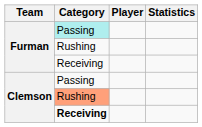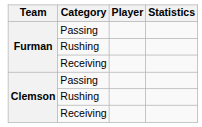 <table class="wikitable" style="float:right">
 <tr>
 <th>Team</th>
 <th>Category</th>
 <th>Player</th>
 <th>Statistics</th>
 </tr>
 <tr>
 <th rowspan=3>Furman</th>
-<td style="background: paleturquoise;">Passing</td>
+<td>Passing</td>
 <td></td>
 <td></td>
 </tr>
 <tr>
 <td>Rushing</td>
 <td></td>
 <td></td>
 </tr>
 <tr>
 <td>Receiving</td>
 <td></td>
 <td></td>
 </tr>
 <tr>
 <th rowspan=3>Clemson</th>
 <td>Passing</td>
 <td></td>
 <td></td>
 </tr>
 <tr>
-<td style="background: lightsalmon;">Rushing</td>
+<td>Rushing</td>
 <td></td>
 <td></td>
 </tr>
 <tr>
-<td><strong>Receiving</strong></td>
+<td>Receiving</td>
 <td></td>
 <td></td>
 </tr>
 </table>
